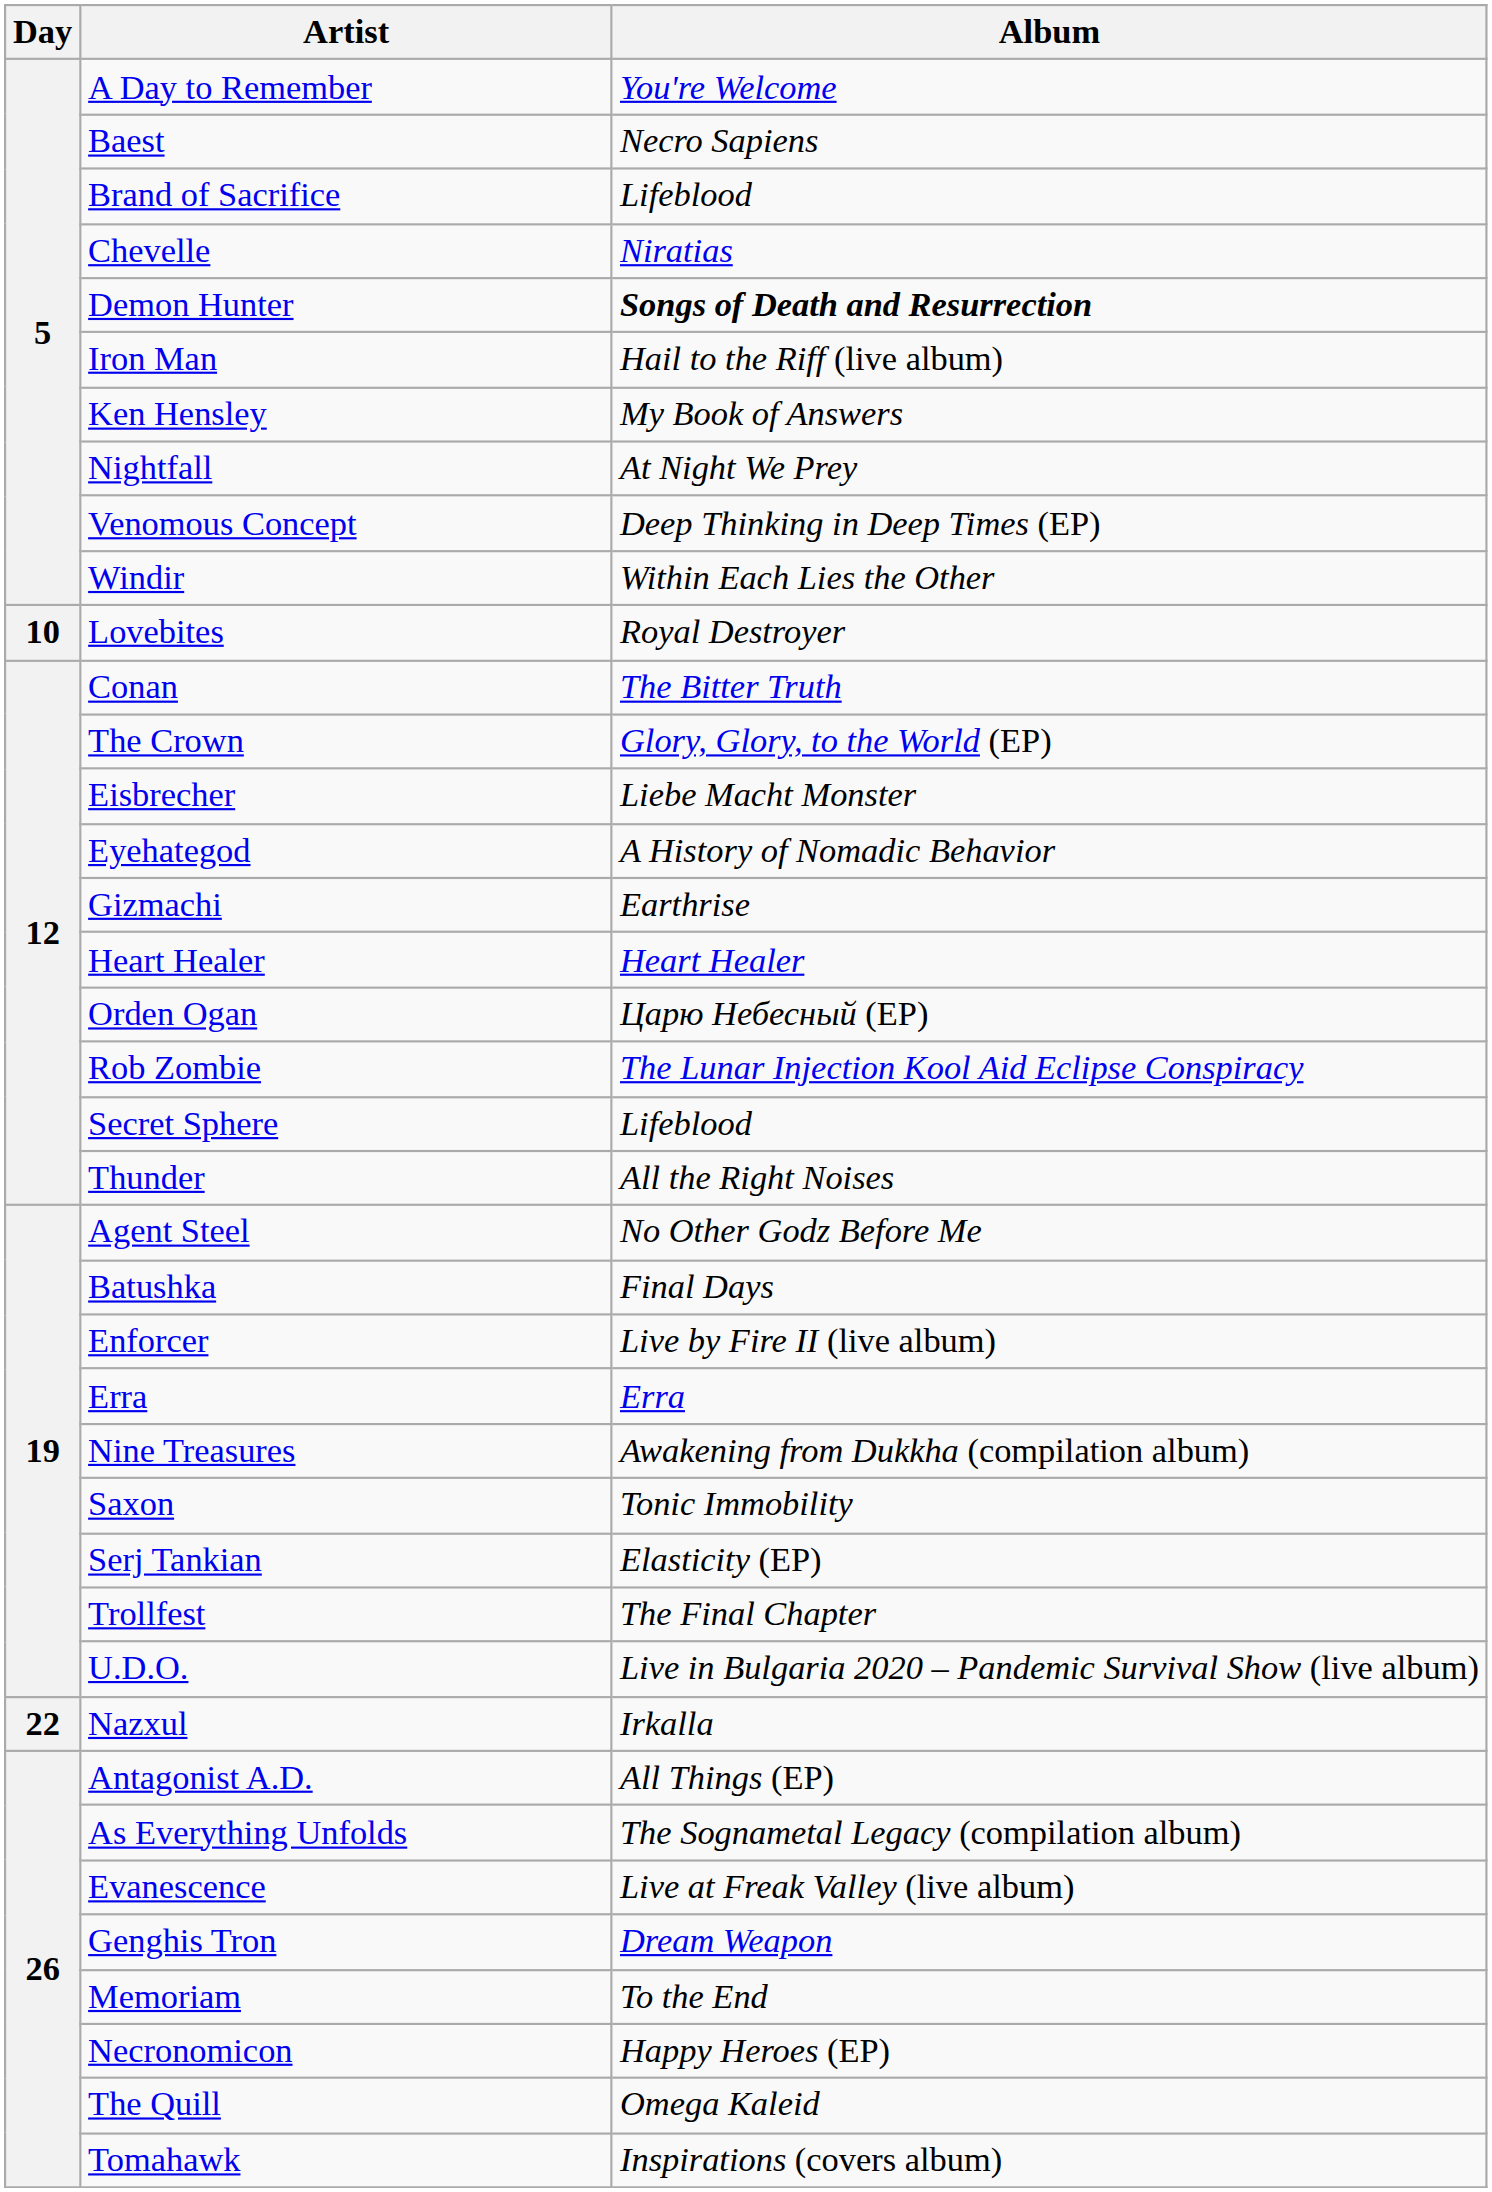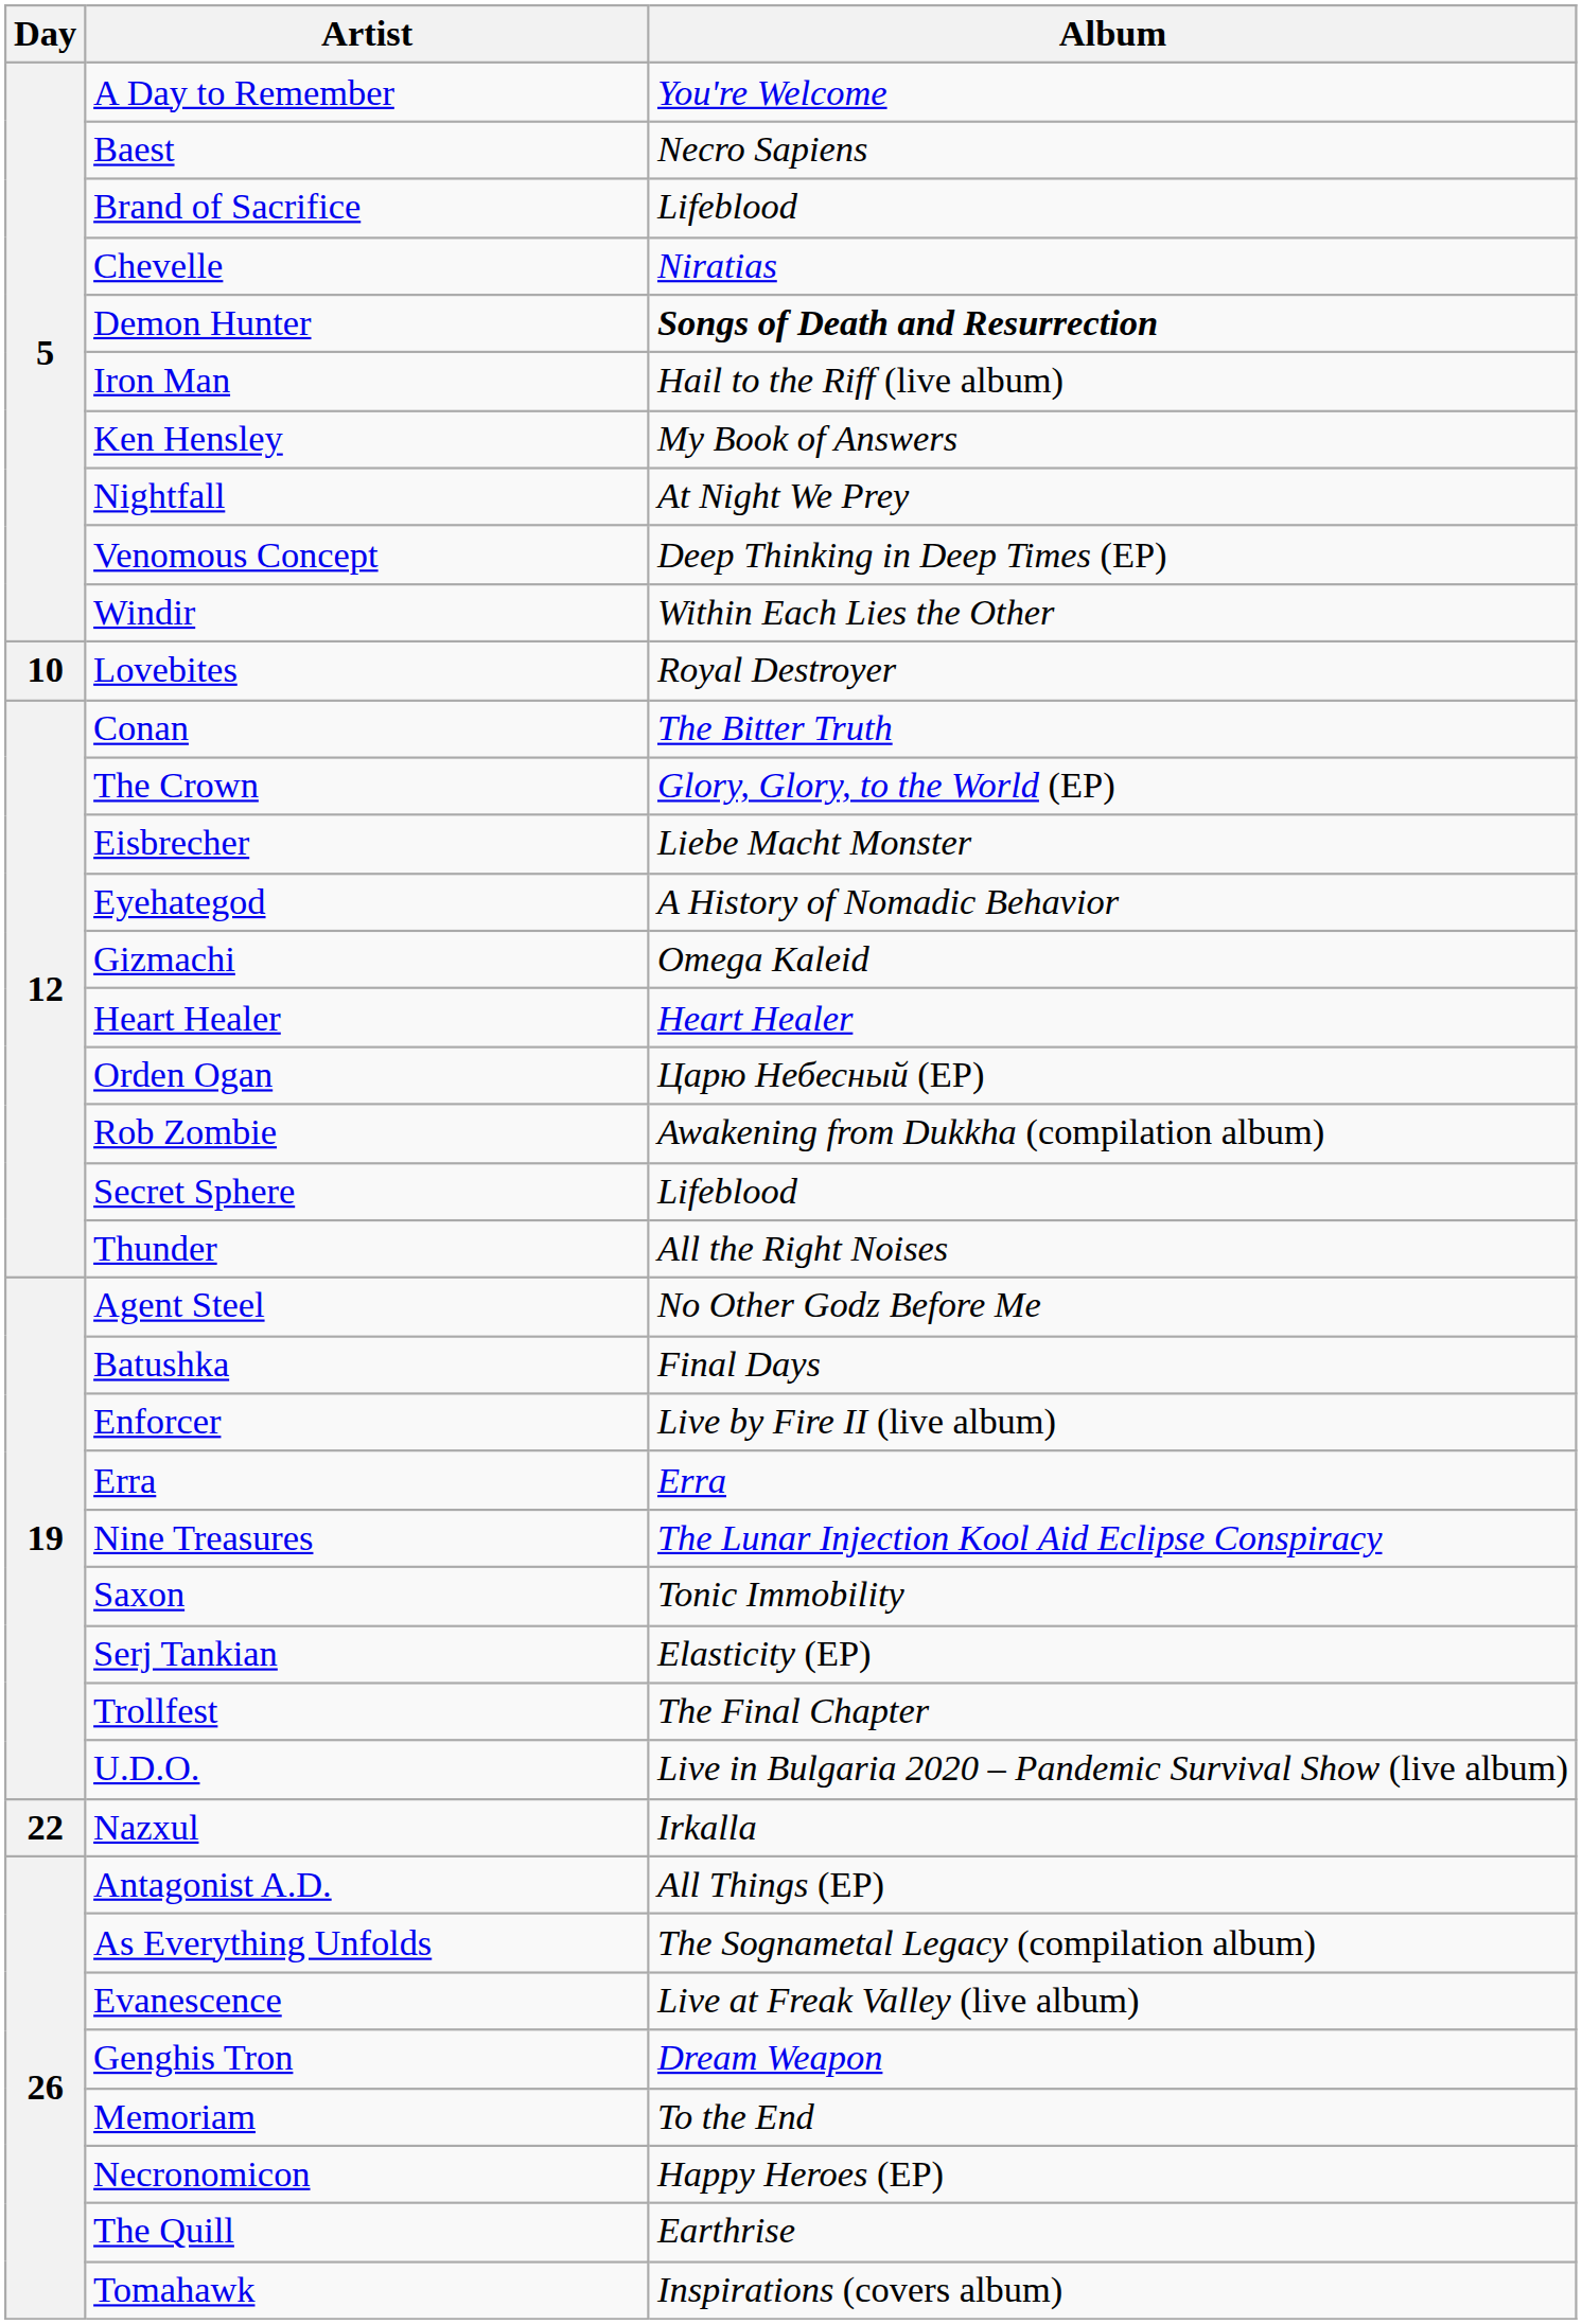 <table class="wikitable" id="table_March">
 <tr>
 <th scope="col">Day</th>
 <th scope="col" style="width:15em;">Artist</th>
 <th scope="col">Album</th>
 </tr>
 <tr>
 <th rowspan="10" scope="row">5</th>
 <td><a href='#'>A Day to Remember</a></td>
 <td><em><a href='#'>You're Welcome</a></em></td>
 </tr>
 <tr>
 <td><a href='#'>Baest</a></td>
 <td><em>Necro Sapiens</em></td>
 </tr>
 <tr>
 <td><a href='#'>Brand of Sacrifice</a></td>
 <td><em>Lifeblood</em></td>
 </tr>
 <tr>
 <td><a href='#'>Chevelle</a></td>
 <td><em><a href='#'>Niratias</a></em></td>
 </tr>
 <tr>
 <td><a href='#'>Demon Hunter</a></td>
 <td><strong><em>Songs of Death and Resurrection</em></strong></td>
 </tr>
 <tr>
 <td><a href='#'>Iron Man</a></td>
 <td><em>Hail to the Riff</em> (live album)</td>
 </tr>
 <tr>
 <td><a href='#'>Ken Hensley</a></td>
 <td><em>My Book of Answers</em></td>
 </tr>
 <tr>
 <td><a href='#'>Nightfall</a></td>
 <td><em>At Night We Prey</em></td>
 </tr>
 <tr>
 <td><a href='#'>Venomous Concept</a></td>
 <td><em>Deep Thinking in Deep Times</em> (EP)</td>
 </tr>
 <tr>
 <td><a href='#'>Windir</a></td>
 <td><em>Within Each Lies the Other</em></td>
 </tr>
 <tr>
 <th scope="row">10</th>
 <td><a href='#'>Lovebites</a></td>
 <td><em>Royal Destroyer</em></td>
 </tr>
 <tr>
 <th scope="row" rowspan="10">12</th>
 <td><a href='#'>Conan</a></td>
 <td><em><a href='#'>The Bitter Truth</a></em></td>
 </tr>
 <tr>
 <td><a href='#'>The Crown</a></td>
 <td><em><a href='#'>Glory, Glory, to the World</a></em> (EP)</td>
 </tr>
 <tr>
 <td><a href='#'>Eisbrecher</a></td>
 <td><em>Liebe Macht Monster</em></td>
 </tr>
 <tr>
 <td><a href='#'>Eyehategod</a></td>
 <td><em>A History of Nomadic Behavior</em></td>
 </tr>
 <tr>
 <td><a href='#'>Gizmachi</a></td>
-<td><em>Earthrise</em></td>
+<td><em>Omega Kaleid</em></td>
 </tr>
 <tr>
 <td><a href='#'>Heart Healer</a></td>
 <td><em><a href='#'>Heart Healer</a></em></td>
 </tr>
 <tr>
 <td><a href='#'>Orden Ogan</a></td>
 <td><em>Царю Небесный</em> (EP)</td>
 </tr>
 <tr>
 <td><a href='#'>Rob Zombie</a></td>
-<td><em><a href='#'>The Lunar Injection Kool Aid Eclipse Conspiracy</a></em></td>
+<td><em>Awakening from Dukkha</em> (compilation album)</td>
 </tr>
 <tr>
 <td><a href='#'>Secret Sphere</a></td>
 <td><em>Lifeblood</em></td>
 </tr>
 <tr>
 <td><a href='#'>Thunder</a></td>
 <td><em>All the Right Noises</em></td>
 </tr>
 <tr>
 <th scope="row" rowspan="9">19</th>
 <td><a href='#'>Agent Steel</a></td>
 <td><em>No Other Godz Before Me</em></td>
 </tr>
 <tr>
 <td><a href='#'>Batushka</a></td>
 <td><em>Final Days</em></td>
 </tr>
 <tr>
 <td><a href='#'>Enforcer</a></td>
 <td><em>Live by Fire II</em> (live album)</td>
 </tr>
 <tr>
 <td><a href='#'>Erra</a></td>
 <td><em><a href='#'>Erra</a></em></td>
 </tr>
 <tr>
 <td><a href='#'>Nine Treasures</a></td>
-<td><em>Awakening from Dukkha</em> (compilation album)</td>
+<td><em><a href='#'>The Lunar Injection Kool Aid Eclipse Conspiracy</a></em></td>
 </tr>
 <tr>
 <td><a href='#'>Saxon</a></td>
 <td><em>Tonic Immobility</em></td>
 </tr>
 <tr>
 <td><a href='#'>Serj Tankian</a></td>
 <td><em>Elasticity</em> (EP)</td>
 </tr>
 <tr>
 <td><a href='#'>Trollfest</a></td>
 <td><em>The Final Chapter</em></td>
 </tr>
 <tr>
 <td><a href='#'>U.D.O.</a></td>
 <td><em>Live in Bulgaria 2020 – Pandemic Survival Show</em> (live album)</td>
 </tr>
 <tr>
 <th scope="row">22</th>
 <td><a href='#'>Nazxul</a></td>
 <td><em>Irkalla</em></td>
 </tr>
 <tr>
 <th scope="row" rowspan="8">26</th>
 <td><a href='#'>Antagonist A.D.</a></td>
 <td><em>All Things</em> (EP)</td>
 </tr>
 <tr>
 <td><a href='#'>As Everything Unfolds</a></td>
 <td><em>The Sognametal Legacy</em> (compilation album)</td>
 </tr>
 <tr>
 <td><a href='#'>Evanescence</a></td>
 <td><em>Live at Freak Valley</em> (live album)</td>
 </tr>
 <tr>
 <td><a href='#'>Genghis Tron</a></td>
 <td><em><a href='#'>Dream Weapon</a></em></td>
 </tr>
 <tr>
 <td><a href='#'>Memoriam</a></td>
 <td><em>To the End</em></td>
 </tr>
 <tr>
 <td><a href='#'>Necronomicon</a></td>
 <td><em>Happy Heroes</em> (EP)</td>
 </tr>
 <tr>
 <td><a href='#'>The Quill</a></td>
-<td><em>Omega Kaleid</em></td>
+<td><em>Earthrise</em></td>
 </tr>
 <tr>
 <td><a href='#'>Tomahawk</a></td>
 <td><em>Inspirations</em> (covers album)</td>
 </tr>
 </table>
